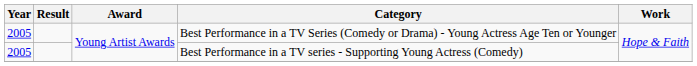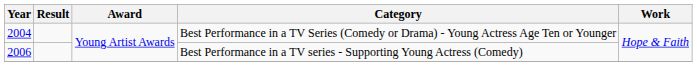 <table class="wikitable">
 <tr>
 <th>Year</th>
 <th>Result</th>
 <th>Award</th>
 <th>Category</th>
 <th>Work</th>
 </tr>
 <tr>
-<td><a href='#'>2005</a></td>
+<td><a href='#'>2004</a></td>
 <td></td>
 <td rowspan=2><a href='#'>Young Artist Awards</a></td>
 <td>Best Performance in a TV Series (Comedy or Drama) - Young Actress Age Ten or Younger</td>
 <td rowspan=2><em><a href='#'>Hope & Faith</a></em></td>
 </tr>
 <tr>
-<td><a href='#'>2005</a></td>
+<td><a href='#'>2006</a></td>
 <td></td>
 <td>Best Performance in a TV series - Supporting Young Actress (Comedy)</td>
 </tr>
 <tr>
 </tr>
 </table>
